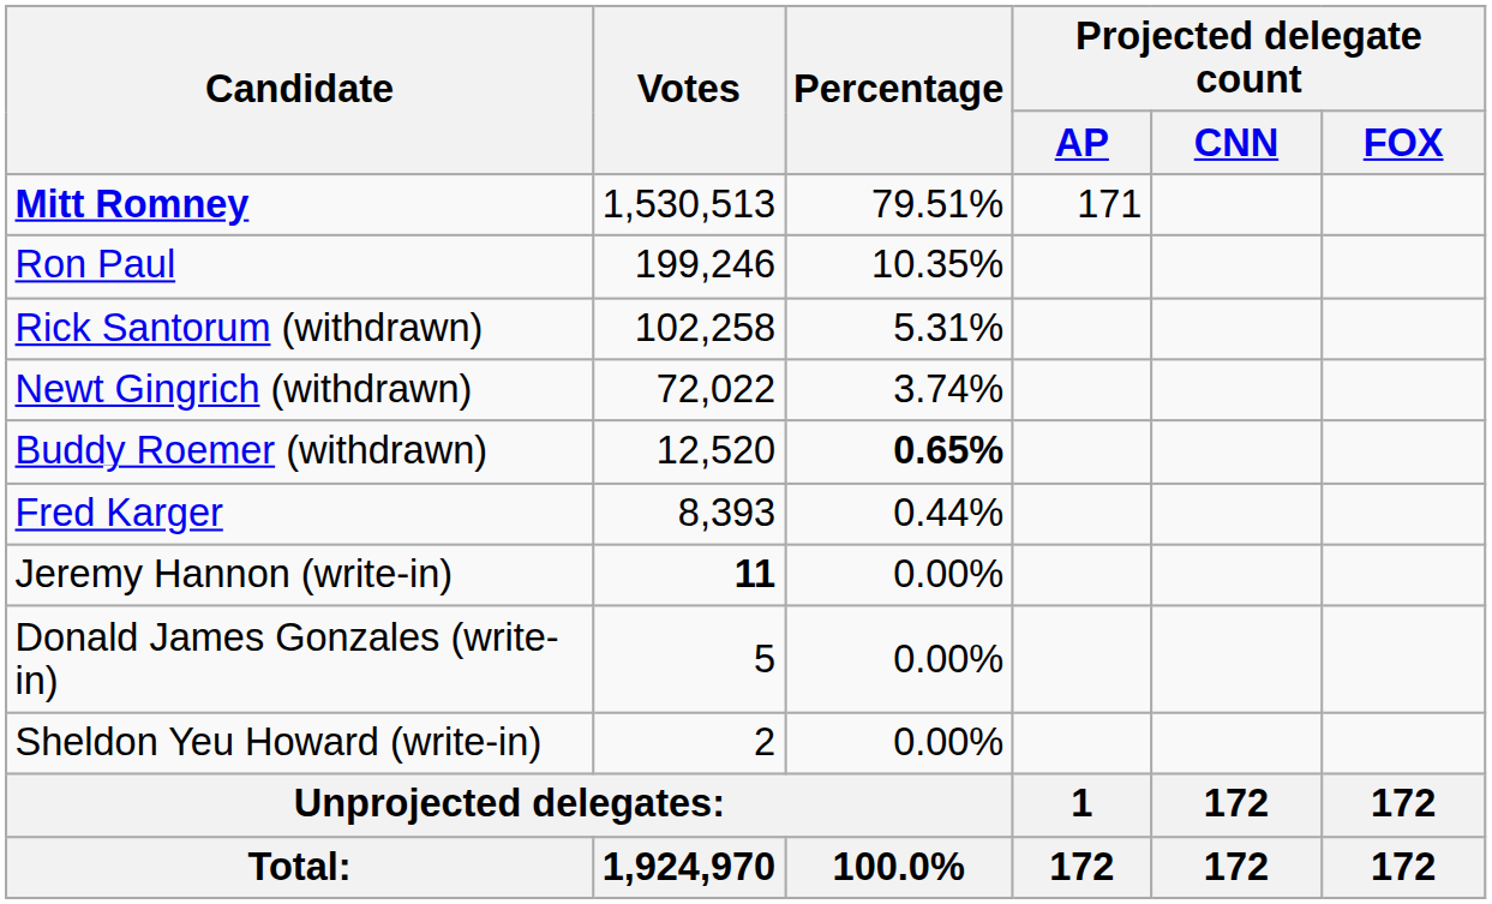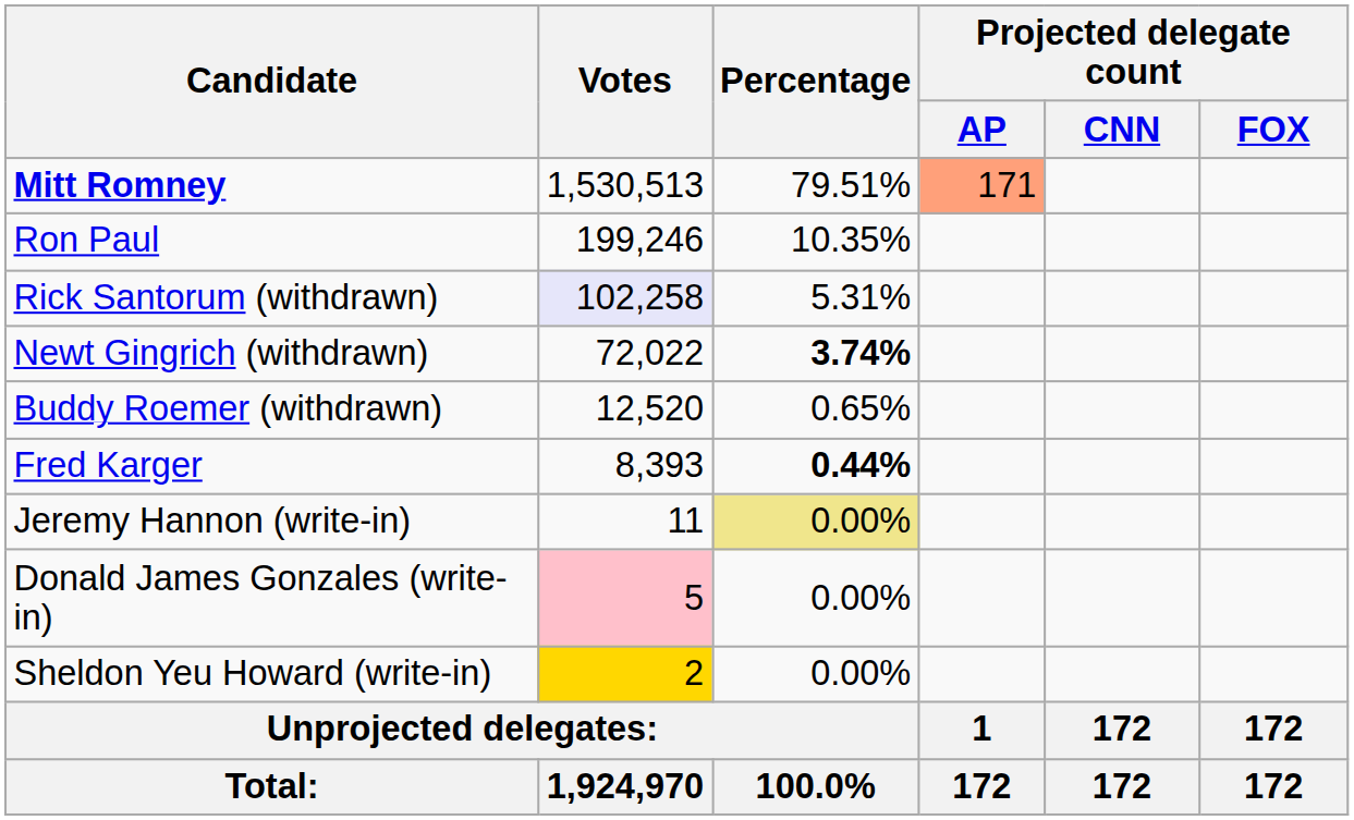 <table class="wikitable" style="text-align:right;">
 <tr>
 <th rowspan="2">Candidate</th>
 <th rowspan="2">Votes</th>
 <th rowspan="2">Percentage</th>
 <th colspan="3">Projected delegate count</th>
 </tr>
 <tr>
 <th><a href='#'>AP</a></th>
 <th><a href='#'>CNN</a><br></th>
 <th><a href='#'>FOX</a><br></th>
 </tr>
 <tr>
 <td style="text-align:left;"> <strong><a href='#'>Mitt Romney</a></strong></td>
 <td>1,530,513</td>
 <td>79.51%</td>
-<td>171</td>
+<td style="background: lightsalmon;">171</td>
 <td></td>
 <td></td>
 </tr>
 <tr>
 <td style="text-align:left;"><a href='#'>Ron Paul</a></td>
 <td>199,246</td>
 <td>10.35%</td>
 <td></td>
 <td></td>
 <td></td>
 </tr>
 <tr>
 <td style="text-align:left;"><a href='#'>Rick Santorum</a> (withdrawn)</td>
-<td>102,258</td>
+<td style="background: lavender;">102,258</td>
 <td>5.31%</td>
 <td></td>
 <td></td>
 <td></td>
 </tr>
 <tr>
 <td style="text-align:left;"><a href='#'>Newt Gingrich</a> (withdrawn)</td>
 <td>72,022</td>
-<td>3.74%</td>
+<td><strong>3.74%</strong></td>
 <td></td>
 <td></td>
 <td></td>
 </tr>
 <tr>
 <td style="text-align:left;"><a href='#'>Buddy Roemer</a> (withdrawn)</td>
 <td>12,520</td>
-<td><strong>0.65%</strong></td>
+<td>0.65%</td>
 <td></td>
 <td></td>
 <td></td>
 </tr>
 <tr>
 <td style="text-align:left;"><a href='#'>Fred Karger</a></td>
 <td>8,393</td>
-<td>0.44%</td>
+<td><strong>0.44%</strong></td>
 <td></td>
 <td></td>
 <td></td>
 </tr>
 <tr>
 <td style="text-align:left;">Jeremy Hannon (write-in)</td>
-<td><strong>11</strong></td>
-<td>0.00%</td>
+<td>11</td>
+<td style="background: khaki;">0.00%</td>
 <td></td>
 <td></td>
 <td></td>
 </tr>
 <tr>
 <td style="text-align:left;">Donald James Gonzales (write-in)</td>
-<td>5</td>
+<td style="background: pink;">5</td>
 <td>0.00%</td>
 <td></td>
 <td></td>
 <td></td>
 </tr>
 <tr>
 <td style="text-align:left;">Sheldon Yeu Howard (write-in)</td>
-<td>2</td>
+<td style="background: gold;">2</td>
 <td>0.00%</td>
 <td></td>
 <td></td>
 <td></td>
 </tr>
 <tr style="background:#eee;">
 <th colspan="3">Unprojected delegates:</th>
 <th>1</th>
 <th>172</th>
 <th>172</th>
 </tr>
 <tr style="background:#eee;">
 <th>Total:</th>
 <th>1,924,970</th>
 <th>100.0%</th>
 <th>172</th>
 <th>172</th>
 <th>172</th>
 </tr>
 </table>
